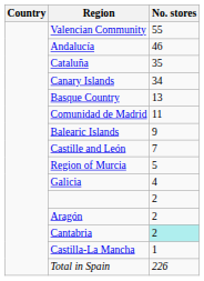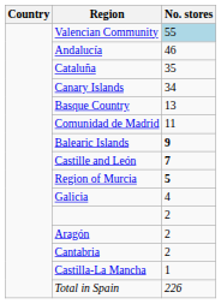 <table class="wikitable">
 <tr>
 <th>Country</th>
 <th>Region</th>
 <th>No. stores</th>
 </tr>
 <tr>
 <td rowspan=15 style=vertical-align:top></td>
 <td> <a href='#'>Valencian Community</a></td>
-<td>55</td>
+<td style="background: lightblue;">55</td>
 </tr>
 <tr>
 <td> <a href='#'>Andalucía</a></td>
 <td>46</td>
 </tr>
 <tr>
 <td> <a href='#'>Cataluña</a></td>
 <td>35</td>
 </tr>
 <tr>
 <td> <a href='#'>Canary Islands</a></td>
 <td>34</td>
 </tr>
 <tr>
 <td> <a href='#'>Basque Country</a></td>
 <td>13</td>
 </tr>
 <tr>
 <td> <a href='#'>Comunidad de Madrid</a></td>
 <td>11</td>
 </tr>
 <tr>
 <td> <a href='#'>Balearic Islands</a></td>
-<td>9</td>
+<td><strong>9</strong></td>
 </tr>
 <tr>
 <td> <a href='#'>Castille and León</a></td>
-<td>7</td>
+<td><strong>7</strong></td>
 </tr>
 <tr>
 <td> <a href='#'>Region of Murcia</a></td>
-<td>5</td>
+<td><strong>5</strong></td>
 </tr>
 <tr>
 <td> <a href='#'>Galicia</a></td>
 <td>4</td>
 </tr>
 <tr>
 <td></td>
 <td>2</td>
 </tr>
 <tr>
 <td> <a href='#'>Aragón</a></td>
 <td>2</td>
 </tr>
 <tr>
 <td> <a href='#'>Cantabria</a></td>
-<td style="background: paleturquoise;">2</td>
+<td>2</td>
 </tr>
 <tr>
 <td> <a href='#'>Castilla-La Mancha</a></td>
 <td>1</td>
 </tr>
 <tr>
 <td><em>Total in Spain</em></td>
 <td><em>226</em></td>
 </tr>
 </table>
